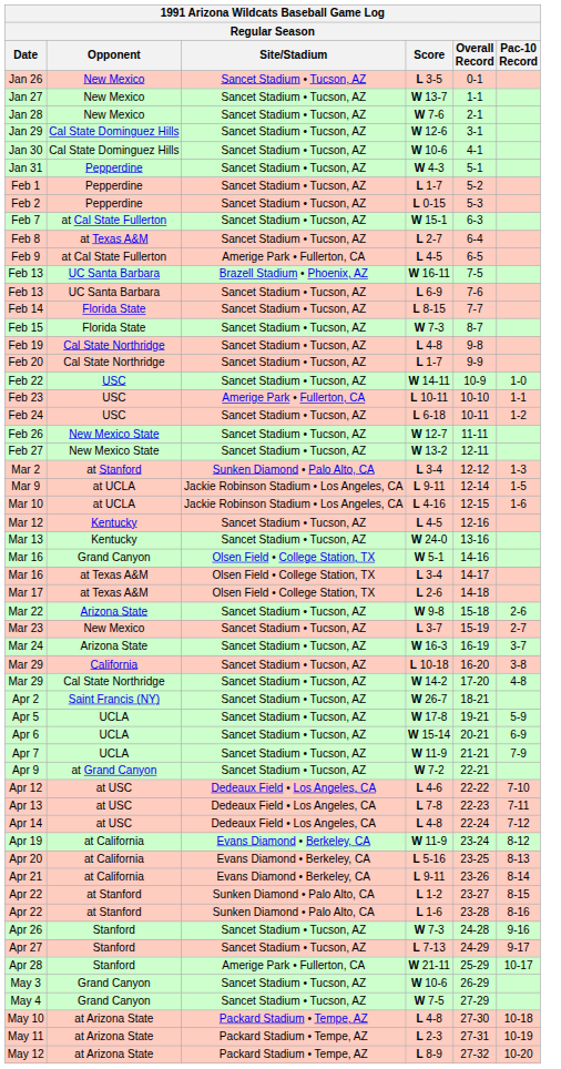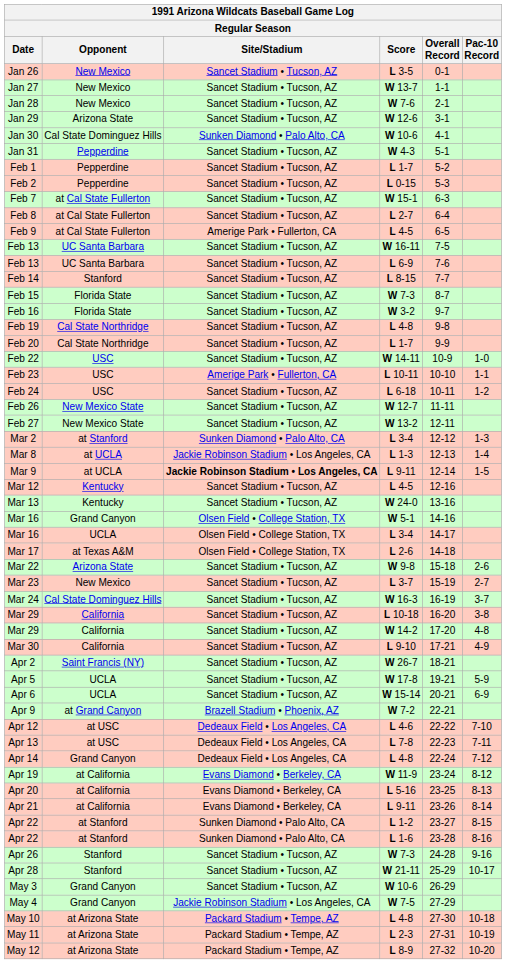 <table class="wikitable">
 <tr>
 <th colspan="6">1991 Arizona Wildcats Baseball Game Log</th>
 </tr>
 <tr>
 <th colspan="6">Regular Season</th>
 </tr>
 <tr>
 <th>Date</th>
 <th>Opponent</th>
 <th>Site/Stadium</th>
 <th>Score</th>
 <th>Overall<br>Record</th>
 <th>Pac-10<br>Record</th>
 </tr>
 <tr bgcolor="ffccc" align="center">
 <td>Jan 26</td>
 <td><a href='#'>New Mexico</a></td>
 <td><a href='#'>Sancet Stadium</a> • <a href='#'>Tucson, AZ</a></td>
 <td><strong>L</strong> 3-5</td>
 <td>0-1</td>
 <td></td>
 </tr>
 <tr bgcolor="ccffcc" align="center">
 <td>Jan 27</td>
 <td>New Mexico</td>
 <td>Sancet Stadium • Tucson, AZ</td>
 <td><strong>W</strong> 13-7</td>
 <td>1-1</td>
 <td></td>
 </tr>
 <tr bgcolor="ccffcc" align="center">
 <td>Jan 28</td>
 <td>New Mexico</td>
 <td>Sancet Stadium • Tucson, AZ</td>
 <td><strong>W</strong> 7-6</td>
 <td>2-1</td>
 <td></td>
 </tr>
 <tr bgcolor="ccffcc" align="center">
 <td>Jan 29</td>
-<td><a href='#'>Cal State Dominguez Hills</a></td>
+<td>Arizona State</td>
 <td>Sancet Stadium • Tucson, AZ</td>
 <td><strong>W</strong> 12-6</td>
 <td>3-1</td>
 <td></td>
 </tr>
 <tr bgcolor="ccffcc" align="center">
 <td>Jan 30</td>
 <td>Cal State Dominguez Hills</td>
-<td>Sancet Stadium • Tucson, AZ</td>
+<td><a href='#'>Sunken Diamond</a> • <a href='#'>Palo Alto, CA</a></td>
 <td><strong>W</strong> 10-6</td>
 <td>4-1</td>
 <td></td>
 </tr>
 <tr bgcolor="ccffcc" align="center">
 <td>Jan 31</td>
 <td><a href='#'>Pepperdine</a></td>
 <td>Sancet Stadium • Tucson, AZ</td>
 <td><strong>W</strong> 4-3</td>
 <td>5-1</td>
 <td></td>
 </tr>
 <tr bgcolor="ffccc" align="center">
 <td>Feb 1</td>
 <td>Pepperdine</td>
 <td>Sancet Stadium • Tucson, AZ</td>
 <td><strong>L</strong> 1-7</td>
 <td>5-2</td>
 <td></td>
 </tr>
 <tr bgcolor="ffccc" align="center">
 <td>Feb 2</td>
 <td>Pepperdine</td>
 <td>Sancet Stadium • Tucson, AZ</td>
 <td><strong>L</strong> 0-15</td>
 <td>5-3</td>
 <td></td>
 </tr>
 <tr bgcolor="ccffcc" align="center">
 <td>Feb 7</td>
 <td>at <a href='#'>Cal State Fullerton</a></td>
 <td>Sancet Stadium • Tucson, AZ</td>
 <td><strong>W</strong> 15-1</td>
 <td>6-3</td>
 <td></td>
 </tr>
 <tr bgcolor="ffccc" align="center">
 <td>Feb 8</td>
-<td>at <a href='#'>Texas A&M</a></td>
+<td>at Cal State Fullerton</td>
 <td>Sancet Stadium • Tucson, AZ</td>
 <td><strong>L</strong> 2-7</td>
 <td>6-4</td>
 <td></td>
 </tr>
 <tr bgcolor="ffccc" align="center">
 <td>Feb 9</td>
 <td>at Cal State Fullerton</td>
 <td>Amerige Park • Fullerton, CA</td>
 <td><strong>L</strong> 4-5</td>
 <td>6-5</td>
 <td></td>
 </tr>
 <tr bgcolor="ccffcc" align="center">
 <td>Feb 13</td>
 <td><a href='#'>UC Santa Barbara</a></td>
-<td><a href='#'>Brazell Stadium</a> • <a href='#'>Phoenix, AZ</a></td>
+<td>Sancet Stadium • Tucson, AZ</td>
 <td><strong>W</strong> 16-11</td>
 <td>7-5</td>
 <td></td>
 </tr>
 <tr bgcolor="ffccc" align="center">
 <td>Feb 13</td>
 <td>UC Santa Barbara</td>
 <td>Sancet Stadium • Tucson, AZ</td>
 <td><strong>L</strong> 6-9</td>
 <td>7-6</td>
 <td></td>
 </tr>
 <tr bgcolor="ffccc" align="center">
 <td>Feb 14</td>
-<td><a href='#'>Florida State</a></td>
+<td>Stanford</td>
 <td>Sancet Stadium • Tucson, AZ</td>
 <td><strong>L</strong> 8-15</td>
 <td>7-7</td>
 <td></td>
 </tr>
 <tr bgcolor="ccffcc" align="center">
 <td>Feb 15</td>
 <td>Florida State</td>
 <td>Sancet Stadium • Tucson, AZ</td>
 <td><strong>W</strong> 7-3</td>
 <td>8-7</td>
+<td></td>
+</tr>
+<tr bgcolor="ccffcc" align="center">
+<td>Feb 16</td>
+<td>Florida State</td>
+<td>Sancet Stadium • Tucson, AZ</td>
+<td><strong>W</strong> 3-2</td>
+<td>9-7</td>
 <td></td>
 </tr>
 <tr bgcolor="ffccc" align="center">
 <td>Feb 19</td>
 <td><a href='#'>Cal State Northridge</a></td>
 <td>Sancet Stadium • Tucson, AZ</td>
 <td><strong>L</strong> 4-8</td>
 <td>9-8</td>
 <td></td>
 </tr>
 <tr bgcolor="ffccc" align="center">
 <td>Feb 20</td>
 <td>Cal State Northridge</td>
 <td>Sancet Stadium • Tucson, AZ</td>
 <td><strong>L</strong> 1-7</td>
 <td>9-9</td>
 <td></td>
 </tr>
 <tr bgcolor="ccffcc" align="center">
 <td>Feb 22</td>
 <td><a href='#'>USC</a></td>
 <td>Sancet Stadium • Tucson, AZ</td>
 <td><strong>W</strong> 14-11</td>
 <td>10-9</td>
 <td>1-0</td>
 </tr>
 <tr bgcolor="ffccc" align="center">
 <td>Feb 23</td>
 <td>USC</td>
 <td><a href='#'>Amerige Park</a> • <a href='#'>Fullerton, CA</a></td>
 <td><strong>L</strong> 10-11</td>
 <td>10-10</td>
 <td>1-1</td>
 </tr>
 <tr bgcolor="ffccc" align="center">
 <td>Feb 24</td>
 <td>USC</td>
 <td>Sancet Stadium • Tucson, AZ</td>
 <td><strong>L</strong> 6-18</td>
 <td>10-11</td>
 <td>1-2</td>
 </tr>
 <tr bgcolor="ccffcc" align="center">
 <td>Feb 26</td>
 <td><a href='#'>New Mexico State</a></td>
 <td>Sancet Stadium • Tucson, AZ</td>
 <td><strong>W</strong> 12-7</td>
 <td>11-11</td>
 <td></td>
 </tr>
 <tr bgcolor="ccffcc" align="center">
 <td>Feb 27</td>
 <td>New Mexico State</td>
 <td>Sancet Stadium • Tucson, AZ</td>
 <td><strong>W</strong> 13-2</td>
 <td>12-11</td>
 <td></td>
 </tr>
 <tr bgcolor="ffccc" align="center">
 <td>Mar 2</td>
 <td>at <a href='#'>Stanford</a></td>
 <td><a href='#'>Sunken Diamond</a> • <a href='#'>Palo Alto, CA</a></td>
 <td><strong>L</strong> 3-4</td>
 <td>12-12</td>
 <td>1-3</td>
 </tr>
 <tr bgcolor="ffccc" align="center">
+<td>Mar 8</td>
+<td>at <a href='#'>UCLA</a></td>
+<td><a href='#'>Jackie Robinson Stadium</a> • Los Angeles, CA</td>
+<td><strong>L</strong> 1-3</td>
+<td>12-13</td>
+<td>1-4</td>
+</tr>
+<tr bgcolor="ffccc" align="center">
 <td>Mar 9</td>
 <td>at UCLA</td>
-<td>Jackie Robinson Stadium • Los Angeles, CA</td>
+<td><strong>Jackie Robinson Stadium • Los Angeles, CA</strong></td>
 <td><strong>L</strong> 9-11</td>
 <td>12-14</td>
 <td>1-5</td>
-</tr>
-<tr bgcolor="ffccc" align="center">
-<td>Mar 10</td>
-<td>at UCLA</td>
-<td>Jackie Robinson Stadium • Los Angeles, CA</td>
-<td><strong>L</strong> 4-16</td>
-<td>12-15</td>
-<td>1-6</td>
 </tr>
 <tr bgcolor="ffccc" align="center">
 <td>Mar 12</td>
 <td><a href='#'>Kentucky</a></td>
 <td>Sancet Stadium • Tucson, AZ</td>
 <td><strong>L</strong> 4-5</td>
 <td>12-16</td>
 <td></td>
 </tr>
 <tr bgcolor="ccffcc" align="center">
 <td>Mar 13</td>
 <td>Kentucky</td>
 <td>Sancet Stadium • Tucson, AZ</td>
 <td><strong>W</strong> 24-0</td>
 <td>13-16</td>
 <td></td>
 </tr>
 <tr bgcolor="ccffcc" align="center">
 <td>Mar 16</td>
 <td>Grand Canyon</td>
 <td><a href='#'>Olsen Field</a> • <a href='#'>College Station, TX</a></td>
 <td><strong>W</strong> 5-1</td>
 <td>14-16</td>
 <td></td>
 </tr>
 <tr bgcolor="ffccc" align="center">
 <td>Mar 16</td>
-<td>at Texas A&M</td>
+<td>UCLA</td>
 <td>Olsen Field • College Station, TX</td>
 <td><strong>L</strong> 3-4</td>
 <td>14-17</td>
 <td></td>
 </tr>
 <tr bgcolor="ffccc" align="center">
 <td>Mar 17</td>
 <td>at Texas A&M</td>
 <td>Olsen Field • College Station, TX</td>
 <td><strong>L</strong> 2-6</td>
 <td>14-18</td>
 <td></td>
 </tr>
 <tr bgcolor="ccffcc" align="center">
 <td>Mar 22</td>
 <td><a href='#'>Arizona State</a></td>
 <td>Sancet Stadium • Tucson, AZ</td>
 <td><strong>W</strong> 9-8</td>
 <td>15-18</td>
 <td>2-6</td>
 </tr>
 <tr bgcolor="ffccc" align="center">
 <td>Mar 23</td>
 <td>New Mexico</td>
 <td>Sancet Stadium • Tucson, AZ</td>
 <td><strong>L</strong> 3-7</td>
 <td>15-19</td>
 <td>2-7</td>
 </tr>
 <tr bgcolor="ccffcc" align="center">
 <td>Mar 24</td>
-<td>Arizona State</td>
+<td><a href='#'>Cal State Dominguez Hills</a></td>
 <td>Sancet Stadium • Tucson, AZ</td>
 <td><strong>W</strong> 16-3</td>
 <td>16-19</td>
 <td>3-7</td>
 </tr>
 <tr bgcolor="ffccc" align="center">
 <td>Mar 29</td>
 <td><a href='#'>California</a></td>
 <td>Sancet Stadium • Tucson, AZ</td>
 <td><strong>L</strong> 10-18</td>
 <td>16-20</td>
 <td>3-8</td>
 </tr>
 <tr bgcolor="ccffcc" align="center">
 <td>Mar 29</td>
-<td>Cal State Northridge</td>
+<td>California</td>
 <td>Sancet Stadium • Tucson, AZ</td>
 <td><strong>W</strong> 14-2</td>
 <td>17-20</td>
 <td>4-8</td>
+</tr>
+<tr bgcolor="ffccc" align="center">
+<td>Mar 30</td>
+<td>California</td>
+<td>Sancet Stadium • Tucson, AZ</td>
+<td><strong>L</strong> 9-10</td>
+<td>17-21</td>
+<td>4-9</td>
 </tr>
 <tr bgcolor="ccffcc" align="center">
 <td>Apr 2</td>
 <td><a href='#'>Saint Francis (NY)</a></td>
 <td>Sancet Stadium • Tucson, AZ</td>
 <td><strong>W</strong> 26-7</td>
 <td>18-21</td>
 <td></td>
 </tr>
 <tr bgcolor="ccffcc" align="center">
 <td>Apr 5</td>
 <td>UCLA</td>
 <td>Sancet Stadium • Tucson, AZ</td>
 <td><strong>W</strong> 17-8</td>
 <td>19-21</td>
 <td>5-9</td>
 </tr>
 <tr bgcolor="ccffcc" align="center">
 <td>Apr 6</td>
 <td>UCLA</td>
 <td>Sancet Stadium • Tucson, AZ</td>
 <td><strong>W</strong> 15-14</td>
 <td>20-21</td>
 <td>6-9</td>
 </tr>
 <tr bgcolor="ccffcc" align="center">
-<td>Apr 7</td>
-<td>UCLA</td>
-<td>Sancet Stadium • Tucson, AZ</td>
-<td><strong>W</strong> 11-9</td>
-<td>21-21</td>
-<td>7-9</td>
-</tr>
-<tr bgcolor="ccffcc" align="center">
 <td>Apr 9</td>
 <td>at <a href='#'>Grand Canyon</a></td>
-<td>Sancet Stadium • Tucson, AZ</td>
+<td><a href='#'>Brazell Stadium</a> • <a href='#'>Phoenix, AZ</a></td>
 <td><strong>W</strong> 7-2</td>
 <td>22-21</td>
 <td></td>
 </tr>
 <tr bgcolor="ffccc" align="center">
 <td>Apr 12</td>
 <td>at USC</td>
 <td><a href='#'>Dedeaux Field</a> • <a href='#'>Los Angeles, CA</a></td>
 <td><strong>L</strong> 4-6</td>
 <td>22-22</td>
 <td>7-10</td>
 </tr>
 <tr bgcolor="ffccc" align="center">
 <td>Apr 13</td>
 <td>at USC</td>
 <td>Dedeaux Field • Los Angeles, CA</td>
 <td><strong>L</strong> 7-8</td>
 <td>22-23</td>
 <td>7-11</td>
 </tr>
 <tr bgcolor="ffccc" align="center">
 <td>Apr 14</td>
-<td>at USC</td>
+<td>Grand Canyon</td>
 <td>Dedeaux Field • Los Angeles, CA</td>
 <td><strong>L</strong> 4-8</td>
 <td>22-24</td>
 <td>7-12</td>
 </tr>
 <tr bgcolor="ccffcc" align="center">
 <td>Apr 19</td>
 <td>at California</td>
 <td><a href='#'>Evans Diamond</a> • <a href='#'>Berkeley, CA</a></td>
 <td><strong>W</strong> 11-9</td>
 <td>23-24</td>
 <td>8-12</td>
 </tr>
 <tr bgcolor="ffccc" align="center">
 <td>Apr 20</td>
 <td>at California</td>
 <td>Evans Diamond • Berkeley, CA</td>
 <td><strong>L</strong> 5-16</td>
 <td>23-25</td>
 <td>8-13</td>
 </tr>
 <tr bgcolor="ffccc" align="center">
 <td>Apr 21</td>
 <td>at California</td>
 <td>Evans Diamond • Berkeley, CA</td>
 <td><strong>L</strong> 9-11</td>
 <td>23-26</td>
 <td>8-14</td>
 </tr>
 <tr bgcolor="ffccc" align="center">
 <td>Apr 22</td>
 <td>at Stanford</td>
 <td>Sunken Diamond • Palo Alto, CA</td>
 <td><strong>L</strong> 1-2</td>
 <td>23-27</td>
 <td>8-15</td>
 </tr>
 <tr bgcolor="ffccc" align="center">
 <td>Apr 22</td>
 <td>at Stanford</td>
 <td>Sunken Diamond • Palo Alto, CA</td>
 <td><strong>L</strong> 1-6</td>
 <td>23-28</td>
 <td>8-16</td>
 </tr>
 <tr bgcolor="ccffcc" align="center">
 <td>Apr 26</td>
 <td>Stanford</td>
 <td>Sancet Stadium • Tucson, AZ</td>
 <td><strong>W</strong> 7-3</td>
 <td>24-28</td>
 <td>9-16</td>
 </tr>
-<tr bgcolor="ffccc" align="center">
-<td>Apr 27</td>
-<td>Stanford</td>
-<td>Sancet Stadium • Tucson, AZ</td>
-<td><strong>L</strong> 7-13</td>
-<td>24-29</td>
-<td>9-17</td>
-</tr>
 <tr bgcolor="ccffcc" align="center">
 <td>Apr 28</td>
 <td>Stanford</td>
-<td>Amerige Park • Fullerton, CA</td>
+<td>Sancet Stadium • Tucson, AZ</td>
 <td><strong>W</strong> 21-11</td>
 <td>25-29</td>
 <td>10-17</td>
 </tr>
 <tr bgcolor="ccffcc" align="center">
 <td>May 3</td>
 <td>Grand Canyon</td>
 <td>Sancet Stadium • Tucson, AZ</td>
 <td><strong>W</strong> 10-6</td>
 <td>26-29</td>
 <td></td>
 </tr>
 <tr bgcolor="ccffcc" align="center">
 <td>May 4</td>
 <td>Grand Canyon</td>
-<td>Sancet Stadium • Tucson, AZ</td>
+<td><a href='#'>Jackie Robinson Stadium</a> • Los Angeles, CA</td>
 <td><strong>W</strong> 7-5</td>
 <td>27-29</td>
 <td></td>
 </tr>
 <tr bgcolor="ffccc" align="center">
 <td>May 10</td>
 <td>at Arizona State</td>
 <td><a href='#'>Packard Stadium</a> • <a href='#'>Tempe, AZ</a></td>
 <td><strong>L</strong> 4-8</td>
 <td>27-30</td>
 <td>10-18</td>
 </tr>
 <tr bgcolor="ffccc" align="center">
 <td>May 11</td>
 <td>at Arizona State</td>
 <td>Packard Stadium • Tempe, AZ</td>
 <td><strong>L</strong> 2-3</td>
 <td>27-31</td>
 <td>10-19</td>
 </tr>
 <tr bgcolor="ffccc" align="center">
 <td>May 12</td>
 <td>at Arizona State</td>
 <td>Packard Stadium • Tempe, AZ</td>
 <td><strong>L</strong> 8-9</td>
 <td>27-32</td>
 <td>10-20</td>
 </tr>
 </table>
